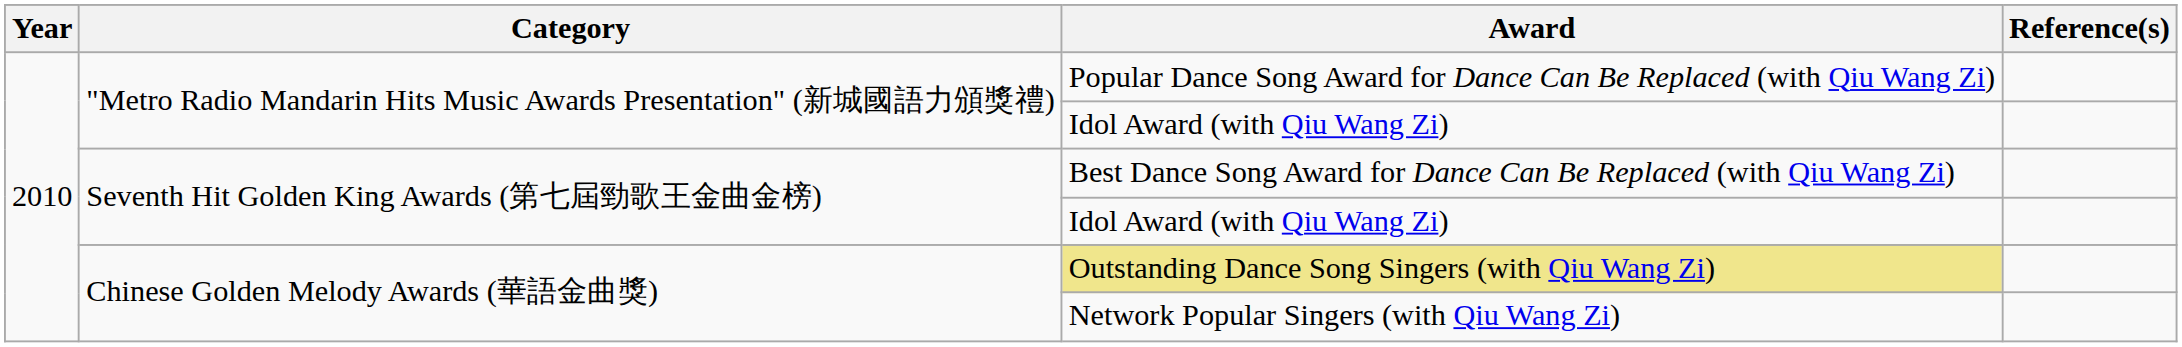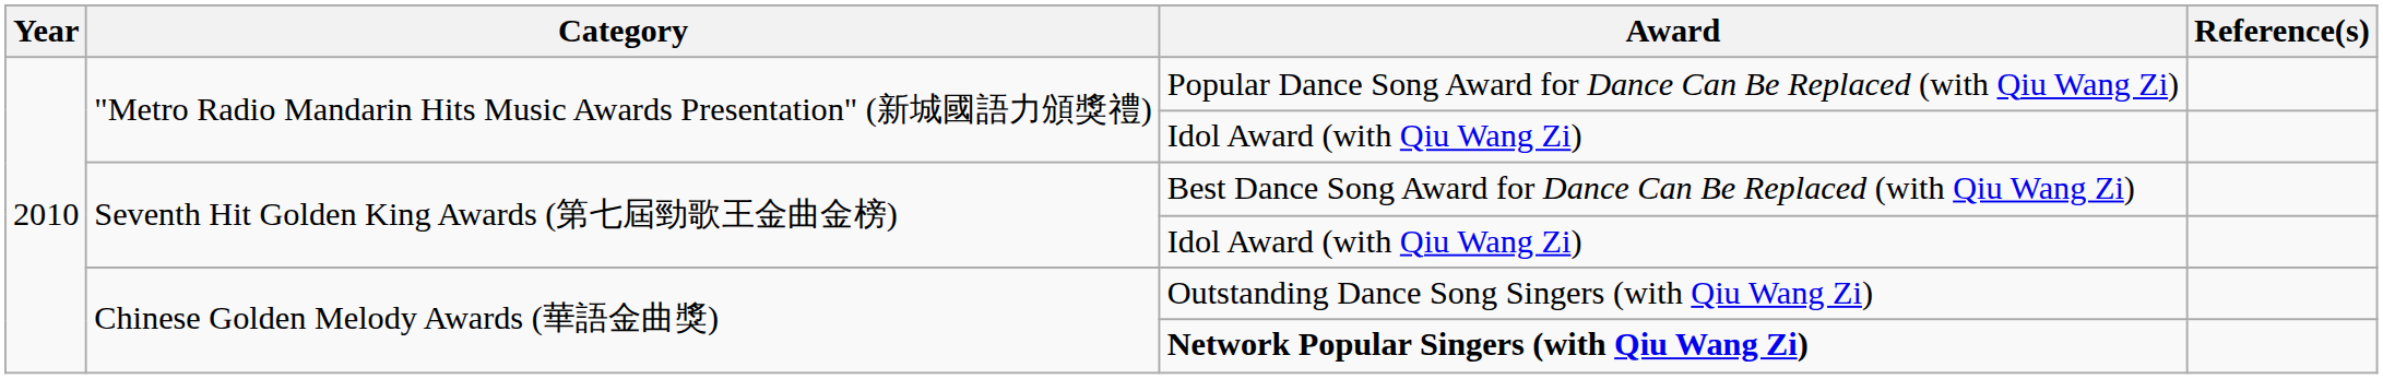 <table class="wikitable">
 <tr>
 <th>Year</th>
 <th>Category</th>
 <th>Award</th>
 <th>Reference(s)</th>
 </tr>
 <tr>
 <td rowspan=6>2010</td>
 <td rowspan=2>"Metro Radio Mandarin Hits Music Awards Presentation" (新城國語力頒獎禮)</td>
 <td>Popular Dance Song Award for <em>Dance Can Be Replaced</em> (with <a href='#'>Qiu Wang Zi</a>)</td>
 <td></td>
 </tr>
 <tr>
 <td>Idol Award (with <a href='#'>Qiu Wang Zi</a>)</td>
 <td></td>
 </tr>
 <tr>
 <td rowspan=2>Seventh Hit Golden King Awards (第七屆勁歌王金曲金榜)</td>
 <td>Best Dance Song Award for <em>Dance Can Be Replaced</em> (with <a href='#'>Qiu Wang Zi</a>)</td>
 <td></td>
 </tr>
 <tr>
 <td>Idol Award (with <a href='#'>Qiu Wang Zi</a>)</td>
 <td></td>
 </tr>
 <tr>
 <td rowspan=2>Chinese Golden Melody Awards (華語金曲獎)</td>
-<td style="background: khaki;">Outstanding Dance Song Singers (with <a href='#'>Qiu Wang Zi</a>)</td>
+<td>Outstanding Dance Song Singers (with <a href='#'>Qiu Wang Zi</a>)</td>
 <td></td>
 </tr>
 <tr>
-<td>Network Popular Singers (with <a href='#'>Qiu Wang Zi</a>)</td>
+<td><strong>Network Popular Singers (with <a href='#'>Qiu Wang Zi</a>)</strong></td>
 <td></td>
 </tr>
 </table>
